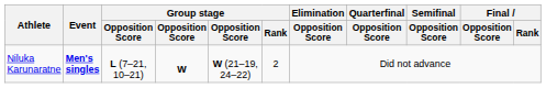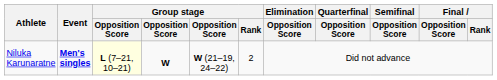 <table class="wikitable" style="font-size:90%">
 <tr>
 <th rowspan=2>Athlete</th>
 <th rowspan=2>Event</th>
 <th colspan=4>Group stage</th>
 <th>Elimination</th>
 <th>Quarterfinal</th>
 <th>Semifinal</th>
 <th colspan=2>Final / </th>
 </tr>
 <tr style="font-size:95%">
 <th>Opposition<br>Score</th>
 <th>Opposition<br>Score</th>
 <th>Opposition<br>Score</th>
 <th>Rank</th>
 <th>Opposition<br>Score</th>
 <th>Opposition<br>Score</th>
 <th>Opposition<br>Score</th>
 <th>Opposition<br>Score</th>
 <th>Rank</th>
 </tr>
 <tr align=center>
 <td align=left><a href='#'>Niluka Karunaratne</a></td>
 <td align=left><strong><a href='#'>Men's singles</a></strong></td>
-<td><br><strong>L</strong> (7–21, 10–21)</td>
+<td style="background: lightyellow;"><br><strong>L</strong> (7–21, 10–21)</td>
 <td><br><strong>W</strong> </td>
 <td><br><strong>W</strong> (21–19, 24–22)</td>
 <td>2</td>
 <td colspan="5">Did not advance</td>
 </tr>
 </table>
